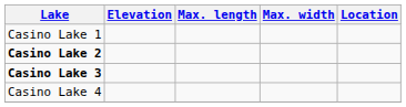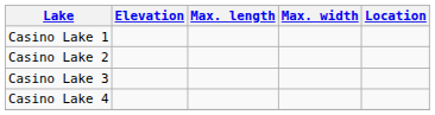 <table class="wikitable sortable">
 <tr>
 <th><a href='#'>Lake</a></th>
 <th><a href='#'>Elevation</a></th>
 <th><a href='#'>Max. length</a></th>
 <th><a href='#'>Max. width</a></th>
 <th><a href='#'>Location</a></th>
 </tr>
 <tr>
 <td>Casino Lake 1</td>
 <td></td>
 <td></td>
 <td></td>
 <td></td>
 </tr>
 <tr>
-<td><strong>Casino Lake 2</strong></td>
+<td>Casino Lake 2</td>
 <td></td>
 <td></td>
 <td></td>
 <td></td>
 </tr>
 <tr>
-<td><strong>Casino Lake 3</strong></td>
+<td>Casino Lake 3</td>
 <td></td>
 <td></td>
 <td></td>
 <td></td>
 </tr>
 <tr>
 <td>Casino Lake 4</td>
 <td></td>
 <td></td>
 <td></td>
 <td></td>
 </tr>
 <tr>
 </tr>
 </table>
